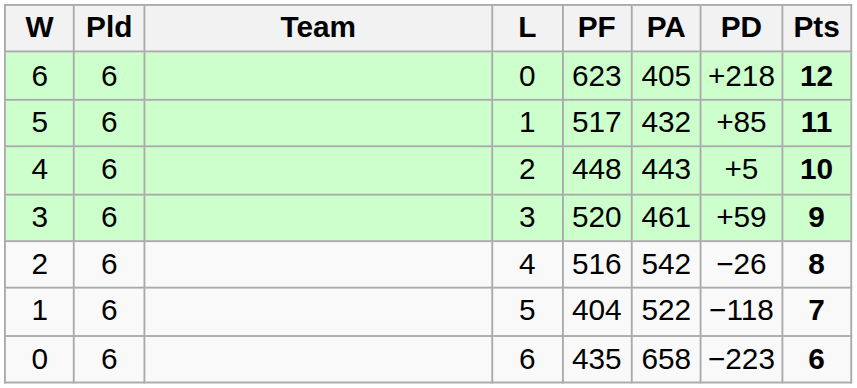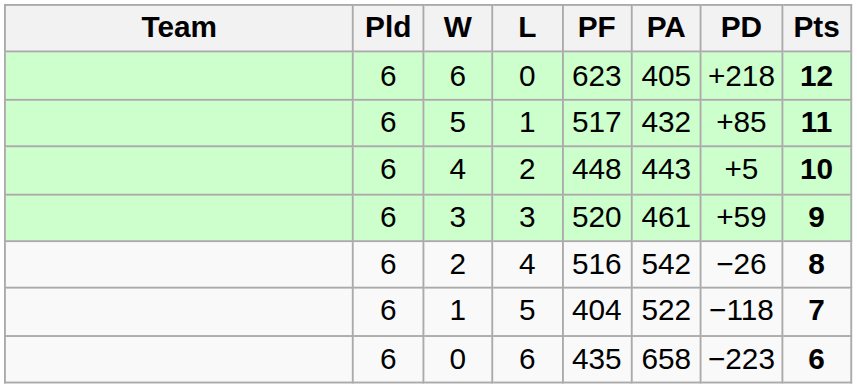 <table class=wikitable style="text-align:center">
 <tr>
+<th width=180>Team</th>
+<th width=30>Pld</th>
 <th width=30>W</th>
-<th width=30>Pld</th>
-<th width=180>Team</th>
 <th width=30>L</th>
 <th width=30>PF</th>
 <th width=30>PA</th>
 <th width=30>PD</th>
 <th width=30>Pts</th>
 </tr>
 <tr bgcolor="#ccffcc">
+<td align="left"></td>
 <td>6</td>
 <td>6</td>
-<td align="left"></td>
 <td>0</td>
 <td>623</td>
 <td>405</td>
 <td>+218</td>
 <td><strong>12</strong></td>
 </tr>
 <tr bgcolor="#ccffcc">
+<td align="left"></td>
+<td>6</td>
 <td>5</td>
-<td>6</td>
-<td align="left"></td>
 <td>1</td>
 <td>517</td>
 <td>432</td>
 <td>+85</td>
 <td><strong>11</strong></td>
 </tr>
 <tr bgcolor="#ccffcc">
+<td align="left"></td>
+<td>6</td>
 <td>4</td>
-<td>6</td>
-<td align="left"></td>
 <td>2</td>
 <td>448</td>
 <td>443</td>
 <td>+5</td>
 <td><strong>10</strong></td>
 </tr>
 <tr bgcolor="#ccffcc">
+<td align="left"></td>
+<td>6</td>
 <td>3</td>
-<td>6</td>
-<td align="left"></td>
 <td>3</td>
 <td>520</td>
 <td>461</td>
 <td>+59</td>
 <td><strong>9</strong></td>
 </tr>
 <tr>
+<td align="left"></td>
+<td>6</td>
 <td>2</td>
-<td>6</td>
-<td align="left"></td>
 <td>4</td>
 <td>516</td>
 <td>542</td>
 <td>−26</td>
 <td><strong>8</strong></td>
 </tr>
 <tr>
+<td align="left"></td>
+<td>6</td>
 <td>1</td>
-<td>6</td>
-<td align="left"></td>
 <td>5</td>
 <td>404</td>
 <td>522</td>
 <td>−118</td>
 <td><strong>7</strong></td>
 </tr>
 <tr>
+<td align="left"></td>
+<td>6</td>
 <td>0</td>
-<td>6</td>
-<td align="left"></td>
 <td>6</td>
 <td>435</td>
 <td>658</td>
 <td>−223</td>
 <td><strong>6</strong></td>
 </tr>
 </table>
